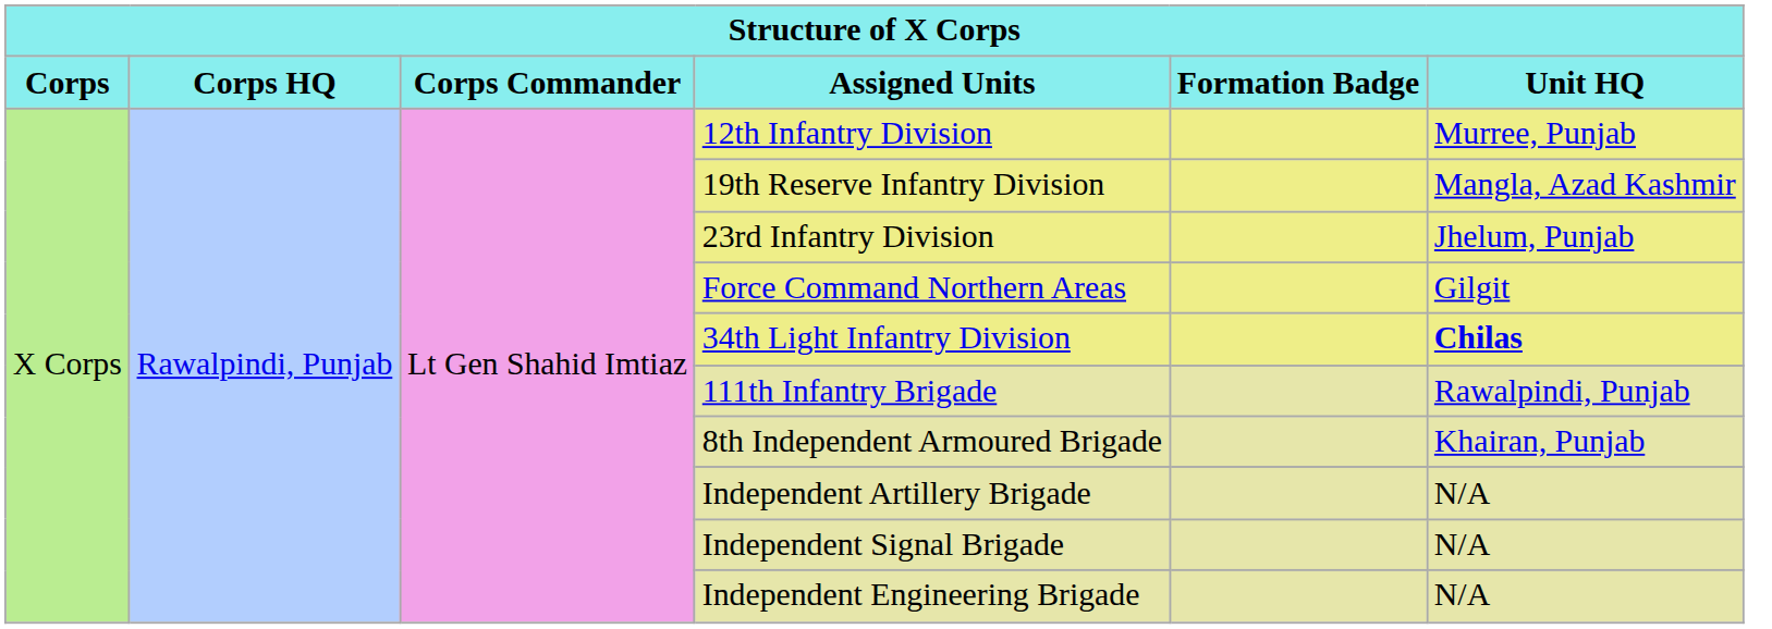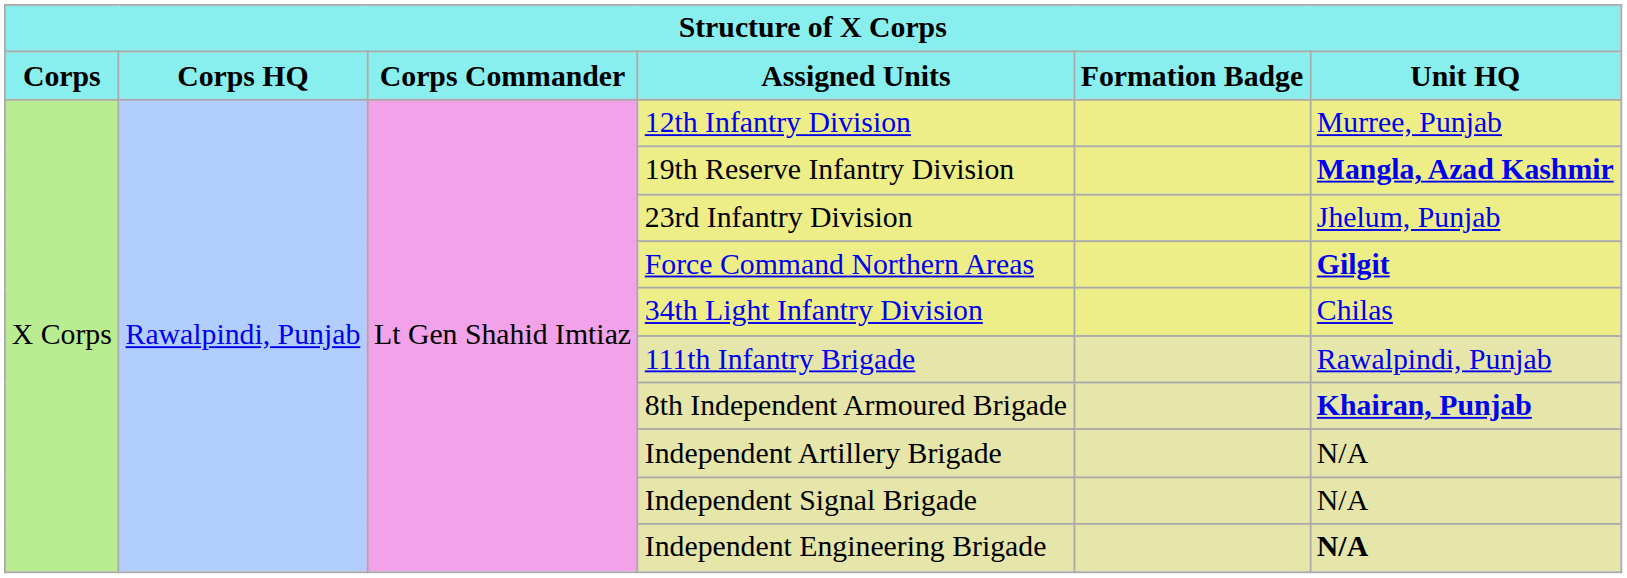 <table class="wikitable">
 <tr>
 <th colspan="10"style="background:#88EEEE;">Structure of X Corps</th>
 </tr>
 <tr>
 <th style="background:#88EEEE;">Corps</th>
 <th style="background:#88EEEE;">Corps HQ</th>
 <th style="background:#88EEEE;">Corps Commander</th>
 <th style="background:#88EEEE;">Assigned Units</th>
 <th style="background:#88EEEE;">Formation Badge</th>
 <th style="background:#88EEEE;">Unit HQ</th>
 </tr>
 <tr>
 <td rowspan="10" style="background:#baed91;">X Corps</td>
 <td rowspan="10" style="background:#b2cefe;"><a href='#'>Rawalpindi, Punjab</a></td>
 <td rowspan="10" style="background:#f2a2e8;">Lt Gen Shahid Imtiaz<br></td>
 <td style="background:#EEEE88;"><a href='#'>12th Infantry Division</a></td>
 <td style="background:#EEEE88;"></td>
 <td style="background:#EEEE88;"><a href='#'>Murree, Punjab</a></td>
 </tr>
 <tr>
 <td style="background:#EEEE88;">19th Reserve Infantry Division</td>
 <td style="background:#EEEE88;text-align:center"></td>
-<td style="background:#EEEE88;"><a href='#'>Mangla, Azad Kashmir</a></td>
+<td style="background:#EEEE88;"><strong><a href='#'>Mangla, Azad Kashmir</a></strong></td>
 </tr>
 <tr>
 <td style="background:#EEEE88;">23rd Infantry Division</td>
 <td style="background:#EEEE88;text-align:center"></td>
 <td style="background:#EEEE88;"><a href='#'>Jhelum, Punjab</a></td>
 </tr>
 <tr>
 <td style="background:#EEEE88;"><a href='#'>Force Command Northern Areas</a></td>
 <td style="background:#EEEE88;text-align:center"></td>
-<td style="background:#EEEE88;"><a href='#'>Gilgit</a></td>
+<td style="background:#EEEE88;"><strong><a href='#'>Gilgit</a></strong></td>
 </tr>
 <tr>
 <td style="background:#EEEE88;"><a href='#'>34th Light Infantry Division</a></td>
 <td style="background:#EEEE88;text-align:center"></td>
-<td style="background:#EEEE88;"><strong><a href='#'>Chilas</a></strong></td>
+<td style="background:#EEEE88;"><a href='#'>Chilas</a></td>
 </tr>
 <tr>
 <td style="background:#e6e6aa;"><a href='#'>111th Infantry Brigade</a></td>
 <td style="background:#e6e6aa;"></td>
 <td style="background:#e6e6aa;"><a href='#'>Rawalpindi, Punjab</a></td>
 </tr>
 <tr>
 <td style="background:#e6e6aa;">8th Independent Armoured Brigade</td>
 <td style="background:#e6e6aa;"></td>
-<td style="background:#e6e6aa;"><a href='#'>Khairan, Punjab</a></td>
+<td style="background:#e6e6aa;"><strong><a href='#'>Khairan, Punjab</a></strong></td>
 </tr>
 <tr>
 <td style="background:#e6e6aa;">Independent Artillery Brigade</td>
 <td style="background:#e6e6aa;"></td>
 <td style="background:#e6e6aa;">N/A</td>
 </tr>
 <tr>
 <td style="background:#e6e6aa;">Independent Signal Brigade</td>
 <td style="background:#e6e6aa;"></td>
 <td style="background:#e6e6aa;">N/A</td>
 </tr>
 <tr>
 <td style="background:#e6e6aa;">Independent Engineering Brigade</td>
 <td style="background:#e6e6aa;"></td>
-<td style="background:#e6e6aa;">N/A</td>
+<td style="background:#e6e6aa;"><strong>N/A</strong></td>
 </tr>
 </table>
